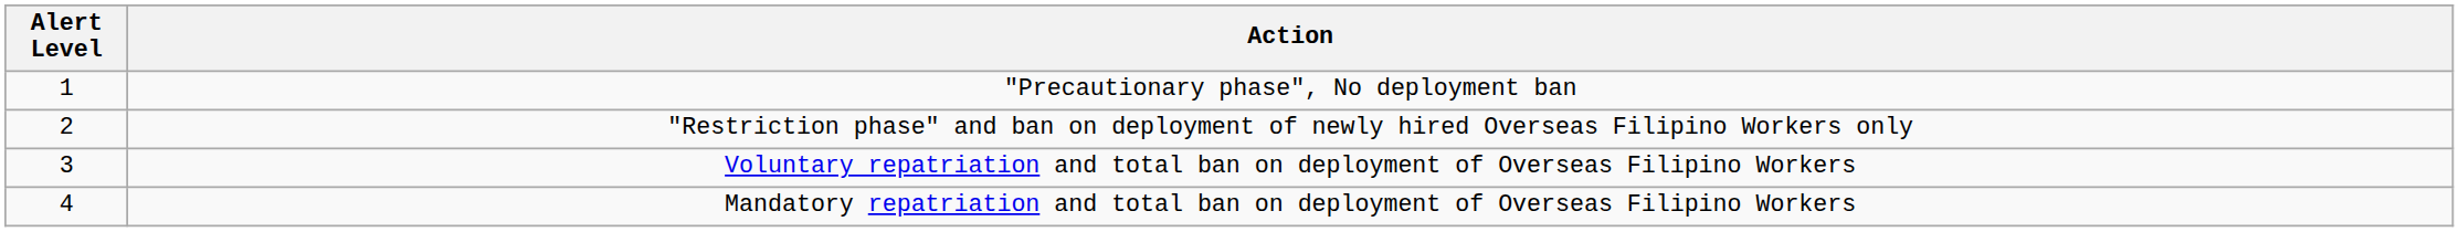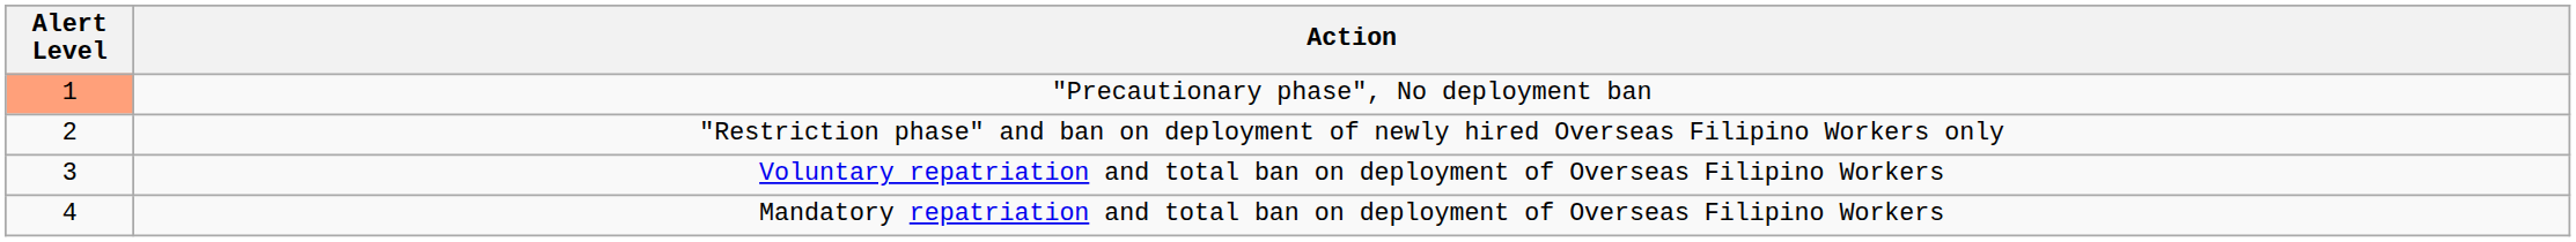 <table class="wikitable" style="text-align: center; font-size:95%;" width=80%>
 <tr>
 <th width=5%>Alert Level</th>
 <th>Action</th>
 </tr>
 <tr>
-<td>1</td>
+<td style="background: lightsalmon;">1</td>
 <td>"Precautionary phase", No deployment ban</td>
 </tr>
 <tr>
 <td>2</td>
 <td>"Restriction phase" and ban on deployment of newly hired Overseas Filipino Workers only</td>
 </tr>
 <tr>
 <td>3</td>
 <td><a href='#'>Voluntary repatriation</a> and total ban on deployment of Overseas Filipino Workers</td>
 </tr>
 <tr>
 <td>4</td>
 <td>Mandatory <a href='#'>repatriation</a> and total ban on deployment of Overseas Filipino Workers</td>
 </tr>
 </table>
